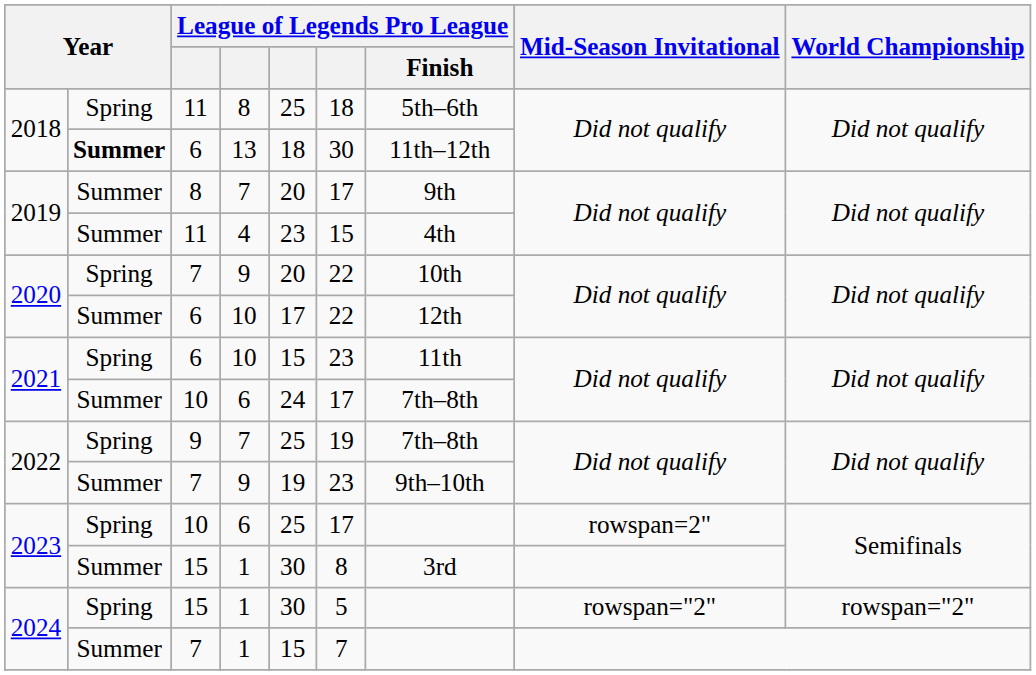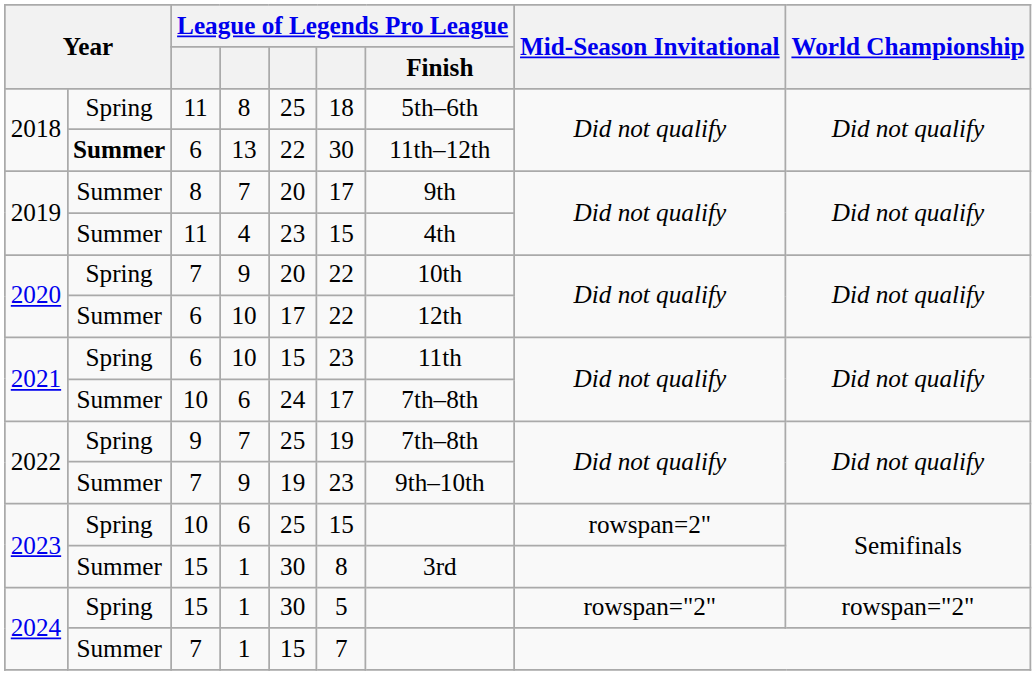 <table class="wikitable sortable" style="font-size:90%; text-align:center; white-space:nowrap">
 <tr>
 <th rowspan=2 colspan=2>Year</th>
 <th colspan=5><a href='#'>League of Legends Pro League</a></th>
 <th rowspan=2><a href='#'>Mid-Season Invitational</a></th>
 <th rowspan=2><a href='#'>World Championship</a></th>
 </tr>
 <tr>
 <th></th>
 <th></th>
 <th></th>
 <th></th>
 <th>Finish</th>
 </tr>
 <tr>
 <td rowspan="2">2018</td>
 <td>Spring</td>
 <td>11</td>
 <td>8</td>
 <td>25</td>
 <td>18</td>
 <td>5th–6th</td>
 <td rowspan="2"><em>Did not qualify</em></td>
 <td rowspan="2"><em>Did not qualify</em></td>
 </tr>
 <tr>
 <td><strong>Summer</strong></td>
 <td>6</td>
 <td>13</td>
-<td>18</td>
+<td>22</td>
 <td>30</td>
 <td>11th–12th</td>
 </tr>
 <tr>
 <td rowspan="2">2019</td>
 <td>Summer</td>
 <td>8</td>
 <td>7</td>
 <td>20</td>
 <td>17</td>
 <td>9th</td>
 <td rowspan="2"><em>Did not qualify</em></td>
 <td rowspan="2"><em>Did not qualify</em></td>
 </tr>
 <tr>
 <td>Summer</td>
 <td>11</td>
 <td>4</td>
 <td>23</td>
 <td>15</td>
 <td>4th</td>
 </tr>
 <tr>
 <td rowspan="2"><a href='#'>2020</a></td>
 <td>Spring</td>
 <td>7</td>
 <td>9</td>
 <td>20</td>
 <td>22</td>
 <td>10th</td>
 <td rowspan="2"><em>Did not qualify</em></td>
 <td rowspan="2"><em>Did not qualify</em></td>
 </tr>
 <tr>
 <td>Summer</td>
 <td>6</td>
 <td>10</td>
 <td>17</td>
 <td>22</td>
 <td>12th</td>
 </tr>
 <tr>
 <td rowspan="2"><a href='#'>2021</a></td>
 <td>Spring</td>
 <td>6</td>
 <td>10</td>
 <td>15</td>
 <td>23</td>
 <td>11th</td>
 <td rowspan="2"><em>Did not qualify</em></td>
 <td rowspan="2"><em>Did not qualify</em></td>
 </tr>
 <tr>
 <td>Summer</td>
 <td>10</td>
 <td>6</td>
 <td>24</td>
 <td>17</td>
 <td>7th–8th</td>
 </tr>
 <tr>
 <td rowspan="2">2022</td>
 <td>Spring</td>
 <td>9</td>
 <td>7</td>
 <td>25</td>
 <td>19</td>
 <td>7th–8th</td>
 <td rowspan="2"><em>Did not qualify</em></td>
 <td rowspan="2"><em>Did not qualify</em></td>
 </tr>
 <tr>
 <td>Summer</td>
 <td>7</td>
 <td>9</td>
 <td>19</td>
 <td>23</td>
 <td>9th–10th</td>
 </tr>
 <tr>
 <td rowspan="2"><a href='#'>2023</a></td>
 <td>Spring</td>
 <td>10</td>
 <td>6</td>
 <td>25</td>
-<td>17</td>
+<td>15</td>
 <td></td>
 <td>rowspan=2" </td>
 <td rowspan="2">Semifinals</td>
 </tr>
 <tr>
 <td>Summer</td>
 <td>15</td>
 <td>1</td>
 <td>30</td>
 <td>8</td>
 <td>3rd</td>
 </tr>
 <tr>
 <td rowspan="2"><a href='#'>2024</a></td>
 <td>Spring</td>
 <td>15</td>
 <td>1</td>
 <td>30</td>
 <td>5</td>
 <td></td>
 <td>rowspan="2" </td>
 <td>rowspan="2" </td>
 </tr>
 <tr>
 <td>Summer</td>
 <td>7</td>
 <td>1</td>
 <td>15</td>
 <td>7</td>
 <td></td>
 </tr>
 </table>
